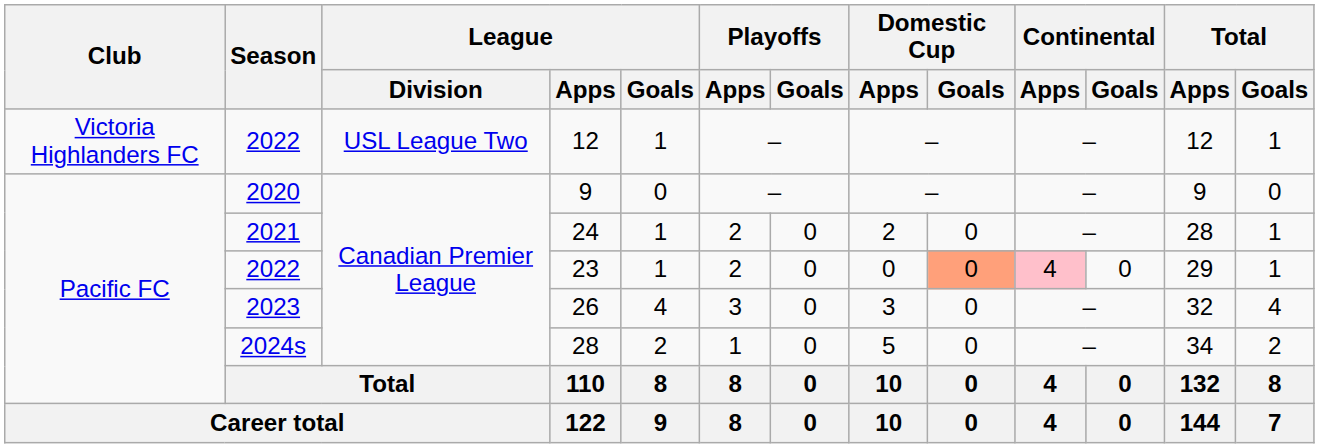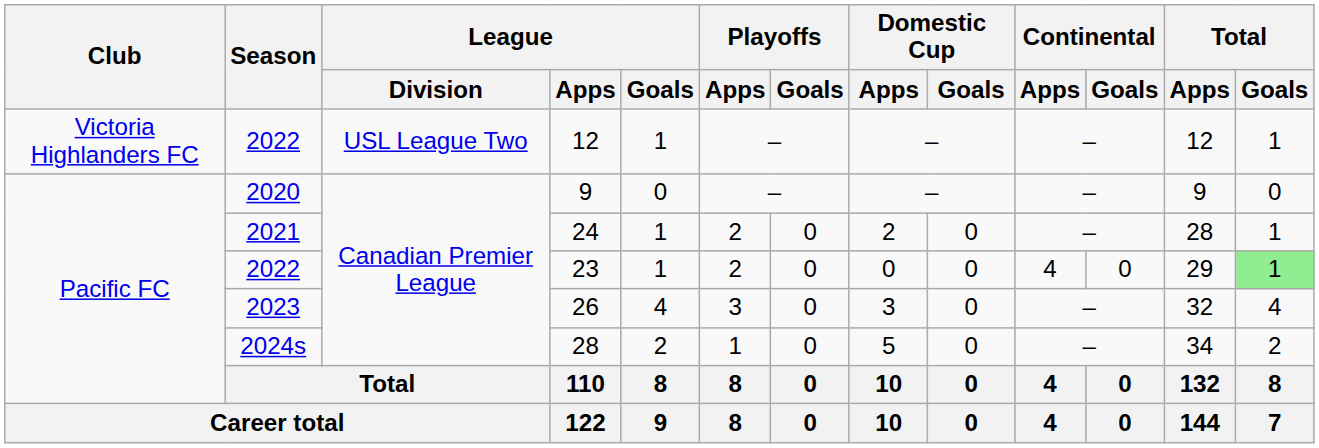 <table class="wikitable" style="text-align: center">
 <tr>
 <th rowspan="2">Club</th>
 <th rowspan="2">Season</th>
 <th colspan="3">League</th>
 <th colspan="2">Playoffs</th>
 <th colspan="2">Domestic Cup</th>
 <th colspan="2">Continental</th>
 <th colspan="2">Total</th>
 </tr>
 <tr>
 <th>Division</th>
 <th>Apps</th>
 <th>Goals</th>
 <th>Apps</th>
 <th>Goals</th>
 <th>Apps</th>
 <th>Goals</th>
 <th>Apps</th>
 <th>Goals</th>
 <th>Apps</th>
 <th>Goals</th>
 </tr>
 <tr>
 <td><a href='#'>Victoria Highlanders FC</a></td>
 <td><a href='#'>2022</a></td>
 <td><a href='#'>USL League Two</a></td>
 <td>12</td>
 <td>1</td>
 <td colspan="2">–</td>
 <td colspan="2">–</td>
 <td colspan="2">–</td>
 <td>12</td>
 <td>1</td>
 </tr>
 <tr>
 <td rowspan=6><a href='#'>Pacific FC</a></td>
 <td><a href='#'>2020</a></td>
 <td rowspan=5><a href='#'>Canadian Premier League</a></td>
 <td>9</td>
 <td>0</td>
 <td colspan="2">–</td>
 <td colspan="2">–</td>
 <td colspan="2">–</td>
 <td>9</td>
 <td>0</td>
 </tr>
 <tr>
 <td><a href='#'>2021</a></td>
 <td>24</td>
 <td>1</td>
 <td>2</td>
 <td>0</td>
 <td>2</td>
 <td>0</td>
 <td colspan="2">–</td>
 <td>28</td>
 <td>1</td>
 </tr>
 <tr>
 <td><a href='#'>2022</a></td>
 <td>23</td>
 <td>1</td>
 <td>2</td>
 <td>0</td>
 <td>0</td>
-<td style="background: lightsalmon;">0</td>
-<td style="background: pink;">4</td>
+<td>0</td>
+<td>4</td>
 <td>0</td>
 <td>29</td>
-<td>1</td>
+<td style="background: lightgreen;">1</td>
 </tr>
 <tr>
 <td><a href='#'>2023</a></td>
 <td>26</td>
 <td>4</td>
 <td>3</td>
 <td>0</td>
 <td>3</td>
 <td>0</td>
 <td colspan="2">–</td>
 <td>32</td>
 <td>4</td>
 </tr>
 <tr>
 <td><a href='#'>2024s</a></td>
 <td>28</td>
 <td>2</td>
 <td>1</td>
 <td>0</td>
 <td>5</td>
 <td>0</td>
 <td colspan="2">–</td>
 <td>34</td>
 <td>2</td>
 </tr>
 <tr>
 <th colspan="2">Total</th>
 <th>110</th>
 <th>8</th>
 <th>8</th>
 <th>0</th>
 <th>10</th>
 <th>0</th>
 <th>4</th>
 <th>0</th>
 <th>132</th>
 <th>8</th>
 </tr>
 <tr>
 <th colspan="3"><strong>Career total</strong></th>
 <th>122</th>
 <th>9</th>
 <th>8</th>
 <th>0</th>
 <th>10</th>
 <th>0</th>
 <th>4</th>
 <th>0</th>
 <th>144</th>
 <th>7</th>
 </tr>
 </table>
